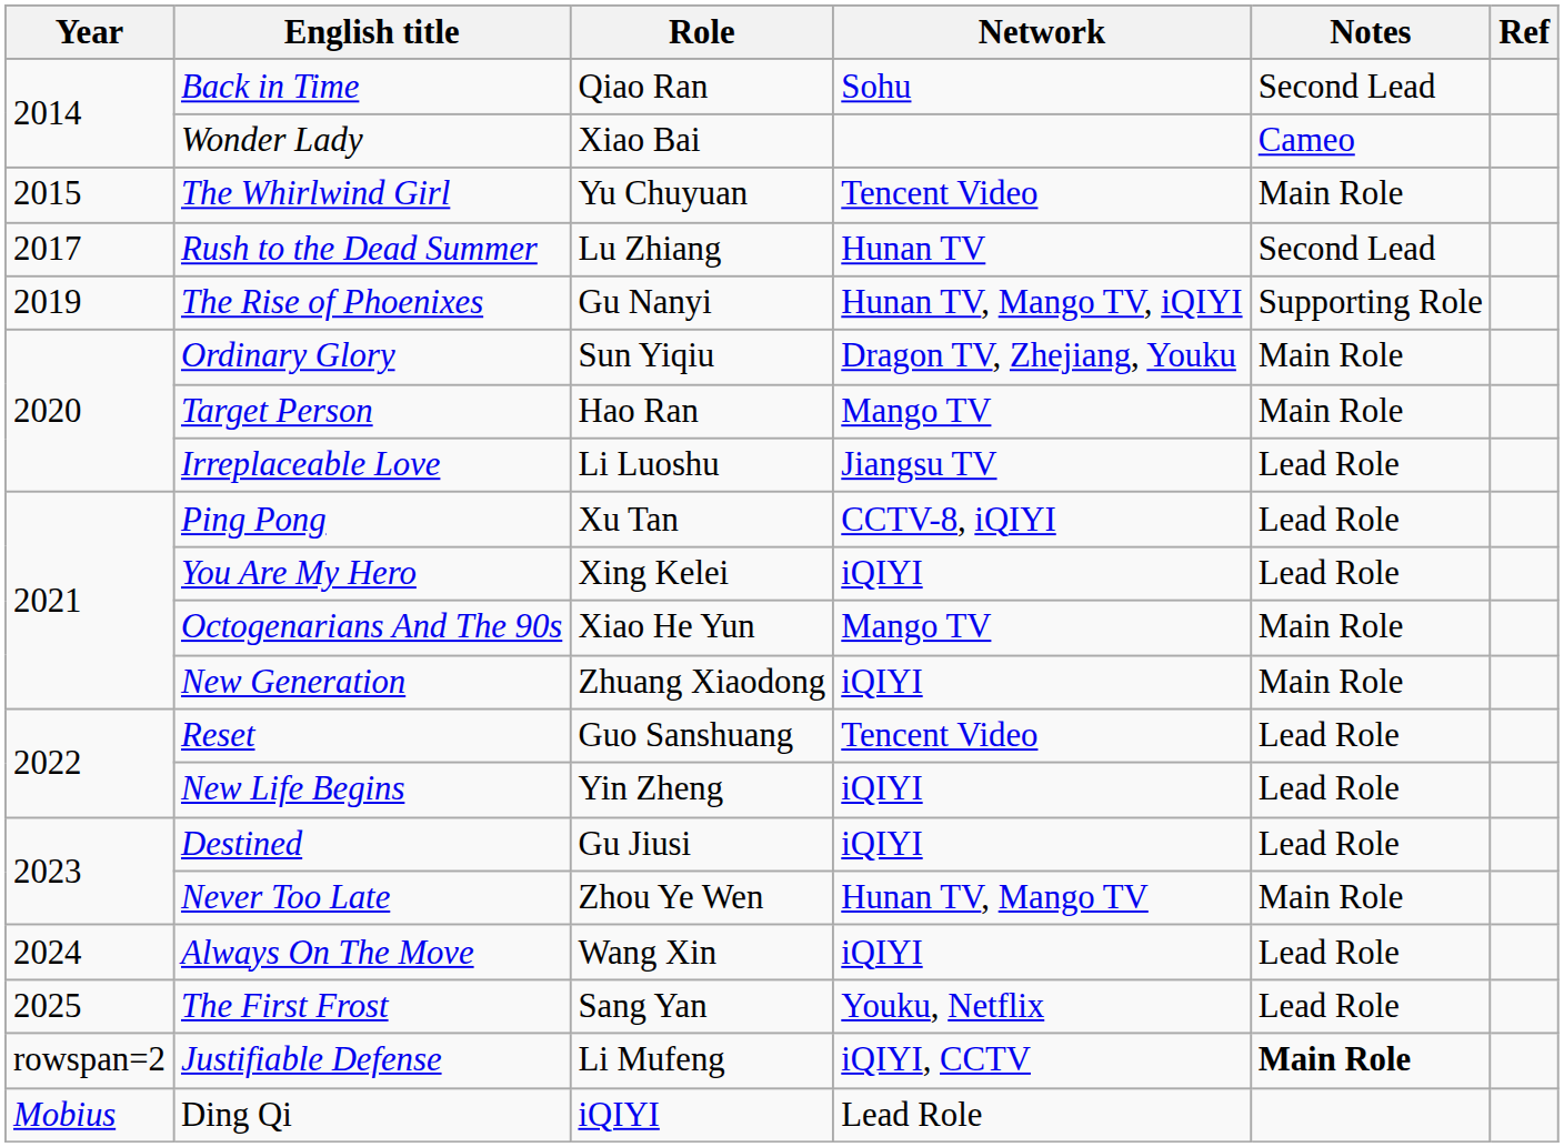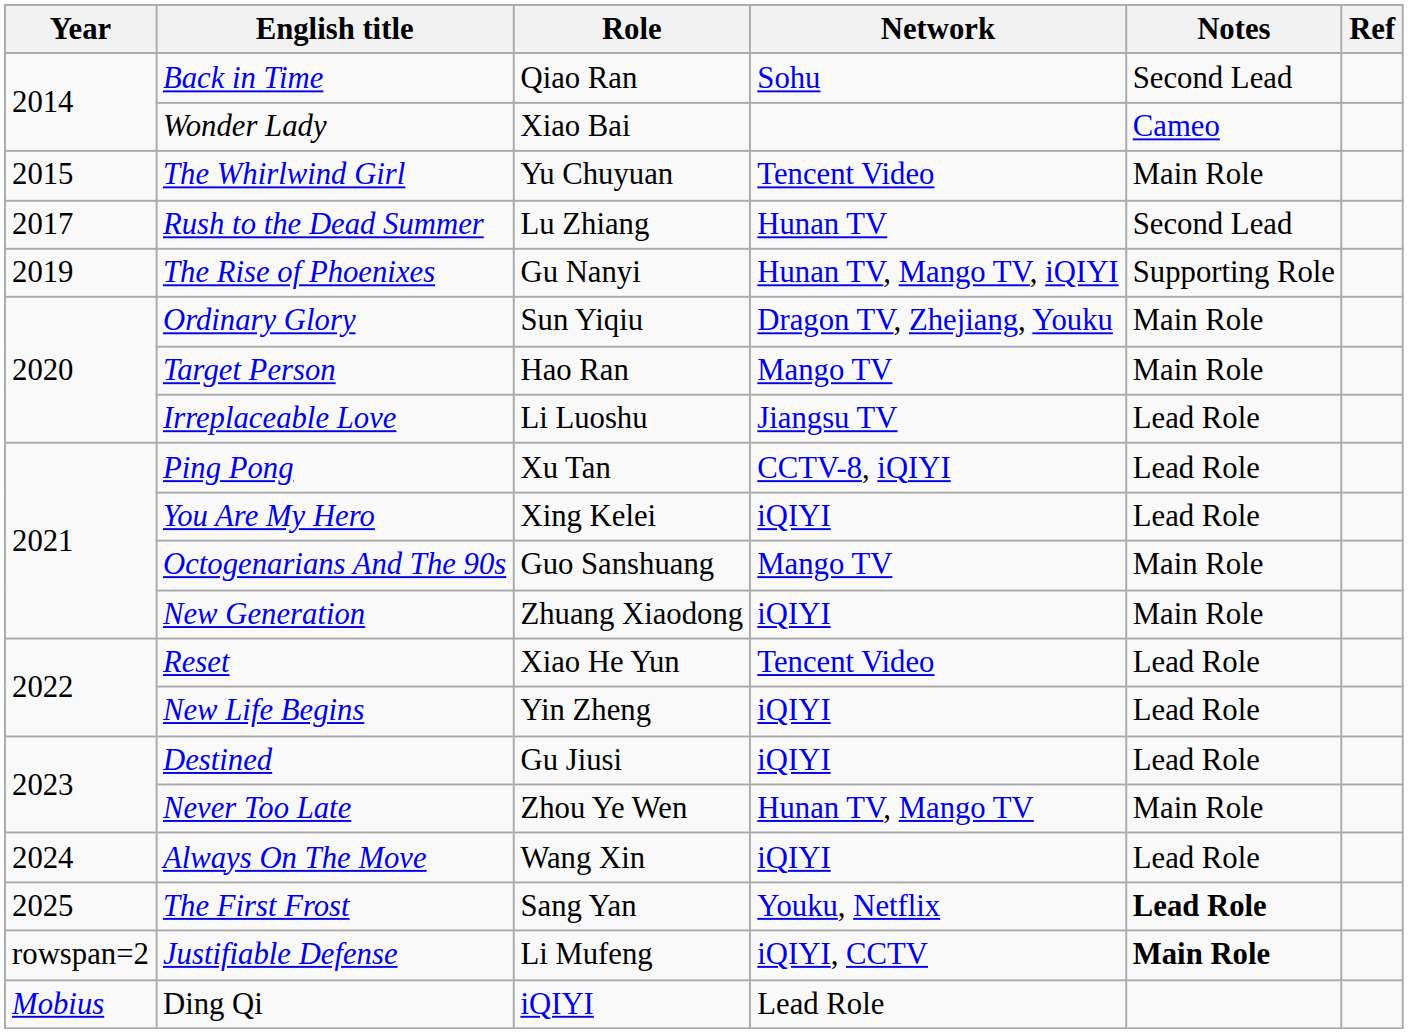 <table class="wikitable sortable">
 <tr>
 <th>Year</th>
 <th>English title</th>
 <th>Role</th>
 <th>Network</th>
 <th>Notes</th>
 <th>Ref</th>
 </tr>
 <tr>
 <td rowspan=2>2014</td>
 <td><em><a href='#'>Back in Time</a></em></td>
 <td>Qiao Ran</td>
 <td><a href='#'>Sohu</a></td>
 <td>Second Lead</td>
 <td></td>
 </tr>
 <tr>
 <td><em>Wonder Lady</em> <br> </td>
 <td>Xiao Bai</td>
 <td></td>
 <td><a href='#'>Cameo</a></td>
 <td></td>
 </tr>
 <tr>
 <td>2015</td>
 <td><em><a href='#'>The Whirlwind Girl</a></em></td>
 <td>Yu Chuyuan</td>
 <td><a href='#'>Tencent Video</a></td>
 <td>Main Role</td>
 <td></td>
 </tr>
 <tr>
 <td>2017</td>
 <td><em><a href='#'>Rush to the Dead Summer</a></em></td>
 <td>Lu Zhiang</td>
 <td><a href='#'>Hunan TV</a></td>
 <td>Second Lead</td>
 <td></td>
 </tr>
 <tr>
 <td>2019</td>
 <td><em><a href='#'>The Rise of Phoenixes</a></em> <br> </td>
 <td>Gu Nanyi</td>
 <td><a href='#'>Hunan TV</a>, <a href='#'>Mango TV</a>, <a href='#'>iQIYI</a></td>
 <td>Supporting Role</td>
 <td></td>
 </tr>
 <tr>
 <td rowspan=3>2020</td>
 <td><em><a href='#'>Ordinary Glory</a></em></td>
 <td>Sun Yiqiu</td>
 <td><a href='#'>Dragon TV</a>, <a href='#'>Zhejiang</a>, <a href='#'>Youku</a></td>
 <td>Main Role</td>
 <td></td>
 </tr>
 <tr>
 <td><em><a href='#'>Target Person</a></em></td>
 <td>Hao Ran</td>
 <td><a href='#'>Mango TV</a></td>
 <td>Main Role</td>
 <td></td>
 </tr>
 <tr>
 <td><em><a href='#'>Irreplaceable Love</a></em></td>
 <td>Li Luoshu</td>
 <td><a href='#'>Jiangsu TV</a></td>
 <td>Lead Role</td>
 <td></td>
 </tr>
 <tr>
 <td rowspan=4>2021</td>
 <td><em><a href='#'>Ping Pong</a></em></td>
 <td>Xu Tan</td>
 <td><a href='#'>CCTV-8</a>, <a href='#'>iQIYI</a></td>
 <td>Lead Role</td>
 <td></td>
 </tr>
 <tr>
 <td><em><a href='#'>You Are My Hero</a></em></td>
 <td>Xing Kelei</td>
 <td><a href='#'>iQIYI</a></td>
 <td>Lead Role</td>
 <td></td>
 </tr>
 <tr>
 <td><em><a href='#'>Octogenarians And The 90s</a></em></td>
-<td>Xiao He Yun</td>
+<td>Guo Sanshuang</td>
 <td><a href='#'>Mango TV</a></td>
 <td>Main Role</td>
 <td></td>
 </tr>
 <tr>
 <td><em><a href='#'>New Generation</a></em><br></td>
 <td>Zhuang Xiaodong</td>
 <td><a href='#'>iQIYI</a></td>
 <td>Main Role</td>
 <td></td>
 </tr>
 <tr>
 <td rowspan=2>2022</td>
 <td><em><a href='#'>Reset</a></em></td>
-<td>Guo Sanshuang</td>
+<td>Xiao He Yun</td>
 <td><a href='#'>Tencent Video</a></td>
 <td>Lead Role</td>
 <td></td>
 </tr>
 <tr>
 <td><em><a href='#'>New Life Begins</a></em></td>
 <td>Yin Zheng</td>
 <td><a href='#'>iQIYI</a></td>
 <td>Lead Role</td>
 <td></td>
 </tr>
 <tr>
 <td rowspan=2>2023</td>
 <td><em><a href='#'>Destined</a></em></td>
 <td>Gu Jiusi</td>
 <td><a href='#'>iQIYI</a></td>
 <td>Lead Role</td>
 <td></td>
 </tr>
 <tr>
 <td><em><a href='#'>Never Too Late</a></em></td>
 <td>Zhou Ye Wen</td>
 <td><a href='#'>Hunan TV</a>, <a href='#'>Mango TV</a></td>
 <td>Main Role</td>
 <td></td>
 </tr>
 <tr>
 <td>2024</td>
 <td><em><a href='#'>Always On The Move</a></em></td>
 <td>Wang Xin</td>
 <td><a href='#'>iQIYI</a></td>
 <td>Lead Role</td>
 <td></td>
 </tr>
 <tr>
 <td>2025</td>
 <td><em><a href='#'>The First Frost</a></em></td>
 <td>Sang Yan</td>
 <td><a href='#'>Youku</a>, <a href='#'>Netflix</a></td>
-<td>Lead Role</td>
+<td><strong>Lead Role</strong></td>
 <td></td>
 </tr>
 <tr>
 <td>rowspan=2 </td>
 <td><em><a href='#'>Justifiable Defense</a></em></td>
 <td>Li Mufeng</td>
 <td><a href='#'>iQIYI</a>, <a href='#'>CCTV</a></td>
 <td><strong>Main Role</strong></td>
 <td></td>
 </tr>
 <tr>
 <td><em><a href='#'>Mobius</a></em></td>
 <td>Ding Qi</td>
 <td><a href='#'>iQIYI</a></td>
 <td>Lead Role</td>
 <td></td>
 </tr>
 </table>
